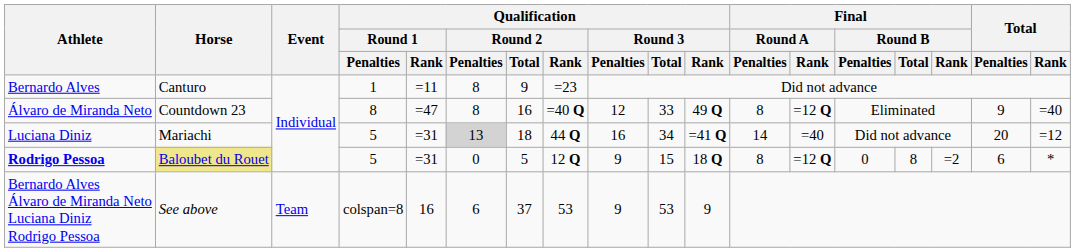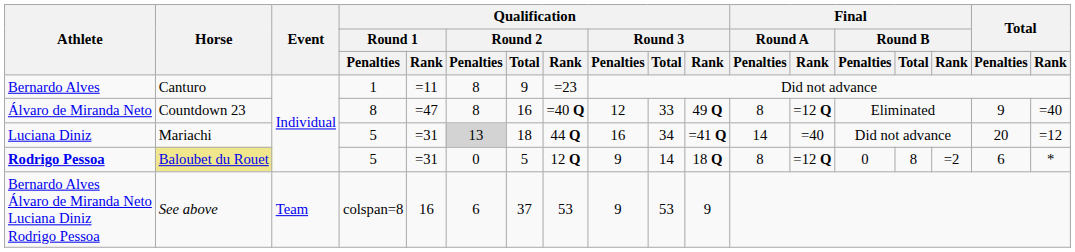 <table class="wikitable" style="font-size:90%">
 <tr>
 <th rowspan="3">Athlete</th>
 <th rowspan="3">Horse</th>
 <th rowspan="3">Event</th>
 <th colspan="8">Qualification</th>
 <th colspan="5">Final</th>
 <th rowspan=2 colspan="2">Total</th>
 </tr>
 <tr style="font-size:95%">
 <th colspan="2">Round 1</th>
 <th colspan="3">Round 2</th>
 <th colspan="3">Round 3</th>
 <th colspan="2">Round A</th>
 <th colspan="3">Round B</th>
 </tr>
 <tr style="font-size:95%">
 <th>Penalties</th>
 <th>Rank</th>
 <th>Penalties</th>
 <th>Total</th>
 <th>Rank</th>
 <th>Penalties</th>
 <th>Total</th>
 <th>Rank</th>
 <th>Penalties</th>
 <th>Rank</th>
 <th>Penalties</th>
 <th>Total</th>
 <th>Rank</th>
 <th>Penalties</th>
 <th>Rank</th>
 </tr>
 <tr align=center>
 <td align=left><a href='#'>Bernardo Alves</a></td>
 <td align=left>Canturo</td>
 <td align=left rowspan=4><a href='#'>Individual</a></td>
 <td>1</td>
 <td>=11</td>
 <td>8</td>
 <td>9</td>
 <td>=23</td>
 <td colspan=10>Did not advance</td>
 </tr>
 <tr align=center>
 <td align=left><a href='#'>Álvaro de Miranda Neto</a></td>
 <td align=left>Countdown 23</td>
 <td>8</td>
 <td>=47</td>
 <td>8</td>
 <td>16</td>
 <td>=40 <strong>Q</strong></td>
 <td>12</td>
 <td>33</td>
 <td>49 <strong>Q</strong></td>
 <td>8</td>
 <td>=12 <strong>Q</strong></td>
 <td colspan=3>Eliminated</td>
 <td>9</td>
 <td>=40</td>
 </tr>
 <tr align=center>
 <td align=left><a href='#'>Luciana Diniz</a></td>
 <td align=left>Mariachi</td>
 <td>5</td>
 <td>=31</td>
 <td style="background: lightgrey;">13</td>
 <td>18</td>
 <td>44 <strong>Q</strong></td>
 <td>16</td>
 <td>34</td>
 <td>=41 <strong>Q</strong></td>
 <td>14</td>
 <td>=40</td>
 <td colspan=3>Did not advance</td>
 <td>20</td>
 <td>=12</td>
 </tr>
 <tr align=center>
 <td align=left><strong><a href='#'>Rodrigo Pessoa</a></strong></td>
 <td align=left style="background: khaki;"><a href='#'>Baloubet du Rouet</a></td>
 <td>5</td>
 <td>=31</td>
 <td>0</td>
 <td>5</td>
 <td>12 <strong>Q</strong></td>
 <td>9</td>
-<td>15</td>
+<td>14</td>
 <td>18 <strong>Q</strong></td>
 <td>8</td>
 <td>=12 <strong>Q</strong></td>
 <td>0</td>
 <td>8</td>
 <td>=2</td>
 <td>6</td>
 <td>*</td>
 </tr>
 <tr align=center>
 <td align=left><a href='#'>Bernardo Alves</a><br><a href='#'>Álvaro de Miranda Neto</a><br><a href='#'>Luciana Diniz</a><br><a href='#'>Rodrigo Pessoa</a></td>
 <td align=left><em>See above</em></td>
 <td align=left><a href='#'>Team</a></td>
 <td>colspan=8 </td>
 <td>16</td>
 <td>6</td>
 <td>37</td>
 <td>53</td>
 <td>9</td>
 <td>53</td>
 <td>9</td>
 </tr>
 </table>
